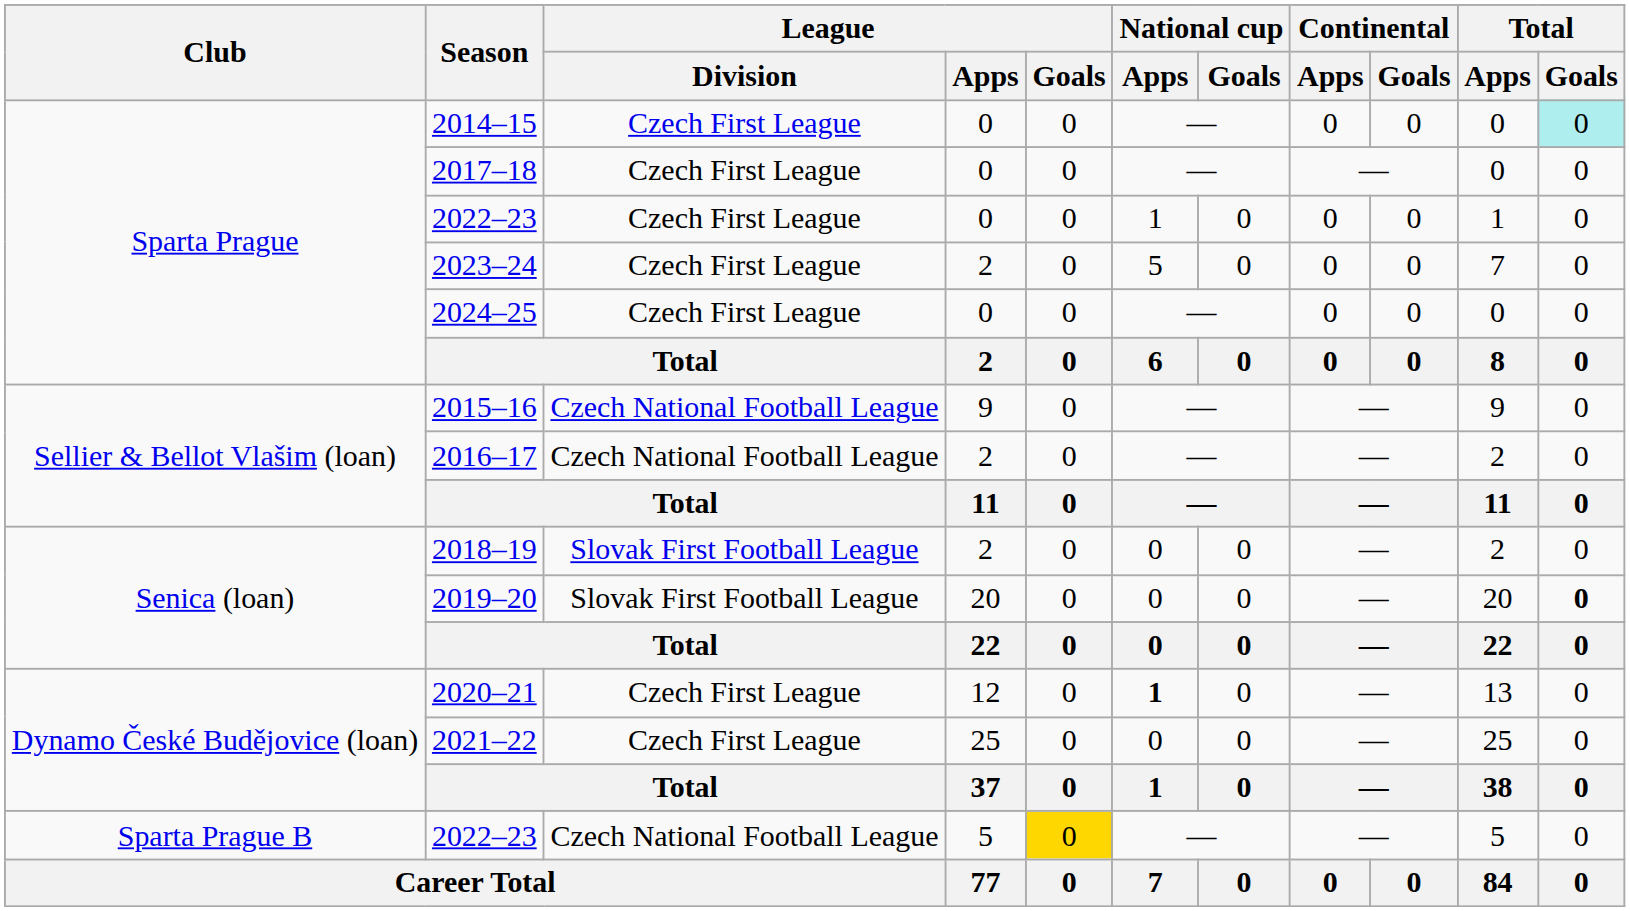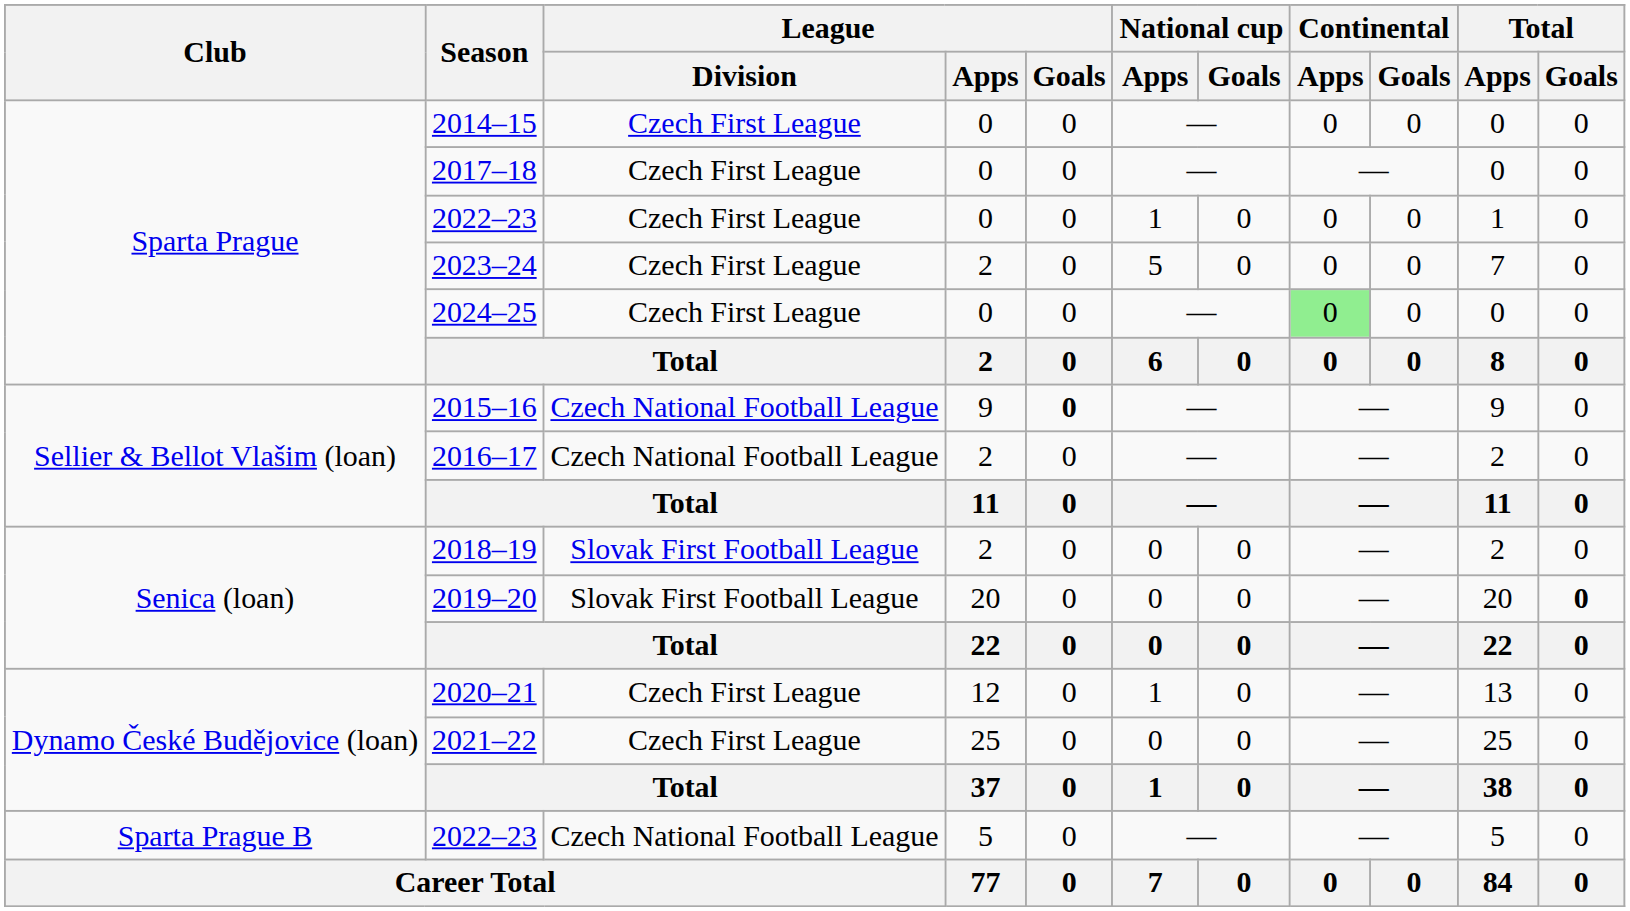 <table class="wikitable" style="text-align: center;">
 <tr>
 <th rowspan="2">Club</th>
 <th rowspan="2">Season</th>
 <th colspan="3">League</th>
 <th colspan="2">National cup</th>
 <th colspan="2">Continental</th>
 <th colspan="2">Total</th>
 </tr>
 <tr>
 <th>Division</th>
 <th>Apps</th>
 <th>Goals</th>
 <th>Apps</th>
 <th>Goals</th>
 <th>Apps</th>
 <th>Goals</th>
 <th>Apps</th>
 <th>Goals</th>
 </tr>
 <tr>
 <td rowspan="6"><a href='#'>Sparta Prague</a></td>
 <td><a href='#'>2014–15</a></td>
 <td><a href='#'>Czech First League</a></td>
 <td>0</td>
 <td>0</td>
 <td colspan="2">—</td>
 <td>0</td>
 <td>0</td>
 <td>0</td>
-<td style="background: paleturquoise;">0</td>
+<td>0</td>
 </tr>
 <tr>
 <td><a href='#'>2017–18</a></td>
 <td>Czech First League</td>
 <td>0</td>
 <td>0</td>
 <td colspan="2">—</td>
 <td colspan="2">—</td>
 <td>0</td>
 <td>0</td>
 </tr>
 <tr>
 <td><a href='#'>2022–23</a></td>
 <td>Czech First League</td>
 <td>0</td>
 <td>0</td>
 <td>1</td>
 <td>0</td>
 <td>0</td>
 <td>0</td>
 <td>1</td>
 <td>0</td>
 </tr>
 <tr>
 <td><a href='#'>2023–24</a></td>
 <td>Czech First League</td>
 <td>2</td>
 <td>0</td>
 <td>5</td>
 <td>0</td>
 <td>0</td>
 <td>0</td>
 <td>7</td>
 <td>0</td>
 </tr>
 <tr>
 <td><a href='#'>2024–25</a></td>
 <td>Czech First League</td>
 <td>0</td>
 <td>0</td>
 <td colspan="2">—</td>
-<td>0</td>
+<td style="background: lightgreen;">0</td>
 <td>0</td>
 <td>0</td>
 <td>0</td>
 </tr>
 <tr>
 <th colspan="2">Total</th>
 <th>2</th>
 <th>0</th>
 <th>6</th>
 <th>0</th>
 <th>0</th>
 <th>0</th>
 <th>8</th>
 <th>0</th>
 </tr>
 <tr>
 <td rowspan="3"><a href='#'>Sellier & Bellot Vlašim</a> (loan)</td>
 <td><a href='#'>2015–16</a></td>
 <td><a href='#'>Czech National Football League</a></td>
 <td>9</td>
-<td>0</td>
+<td><strong>0</strong></td>
 <td colspan="2">—</td>
 <td colspan="2">—</td>
 <td>9</td>
 <td>0</td>
 </tr>
 <tr>
 <td><a href='#'>2016–17</a></td>
 <td>Czech National Football League</td>
 <td>2</td>
 <td>0</td>
 <td colspan="2">—</td>
 <td colspan="2">—</td>
 <td>2</td>
 <td>0</td>
 </tr>
 <tr>
 <th colspan="2">Total</th>
 <th>11</th>
 <th>0</th>
 <th colspan="2">—</th>
 <th colspan="2">—</th>
 <th>11</th>
 <th>0</th>
 </tr>
 <tr>
 <td rowspan="3"><a href='#'>Senica</a> (loan)</td>
 <td><a href='#'>2018–19</a></td>
 <td><a href='#'>Slovak First Football League</a></td>
 <td>2</td>
 <td>0</td>
 <td>0</td>
 <td>0</td>
 <td colspan="2">—</td>
 <td>2</td>
 <td>0</td>
 </tr>
 <tr>
 <td><a href='#'>2019–20</a></td>
 <td>Slovak First Football League</td>
 <td>20</td>
 <td>0</td>
 <td>0</td>
 <td>0</td>
 <td colspan="2">—</td>
 <td>20</td>
 <td><strong>0</strong></td>
 </tr>
 <tr>
 <th colspan="2">Total</th>
 <th>22</th>
 <th>0</th>
 <th>0</th>
 <th>0</th>
 <th colspan="2">—</th>
 <th>22</th>
 <th>0</th>
 </tr>
 <tr>
 <td rowspan="3"><a href='#'>Dynamo České Budějovice</a> (loan)</td>
 <td><a href='#'>2020–21</a></td>
 <td>Czech First League</td>
 <td>12</td>
 <td>0</td>
-<td><strong>1</strong></td>
+<td>1</td>
 <td>0</td>
 <td colspan="2">—</td>
 <td>13</td>
 <td>0</td>
 </tr>
 <tr>
 <td><a href='#'>2021–22</a></td>
 <td>Czech First League</td>
 <td>25</td>
 <td>0</td>
 <td>0</td>
 <td>0</td>
 <td colspan="2">—</td>
 <td>25</td>
 <td>0</td>
 </tr>
 <tr>
 <th colspan="2">Total</th>
 <th>37</th>
 <th>0</th>
 <th>1</th>
 <th>0</th>
 <th colspan="2">—</th>
 <th>38</th>
 <th>0</th>
 </tr>
 <tr>
 <td><a href='#'>Sparta Prague B</a></td>
 <td><a href='#'>2022–23</a></td>
 <td>Czech National Football League</td>
 <td>5</td>
-<td style="background: gold;">0</td>
+<td>0</td>
 <td colspan="2">—</td>
 <td colspan="2">—</td>
 <td>5</td>
 <td>0</td>
 </tr>
 <tr>
 <th colspan="3">Career Total</th>
 <th>77</th>
 <th>0</th>
 <th>7</th>
 <th>0</th>
 <th>0</th>
 <th>0</th>
 <th>84</th>
 <th>0</th>
 </tr>
 </table>
